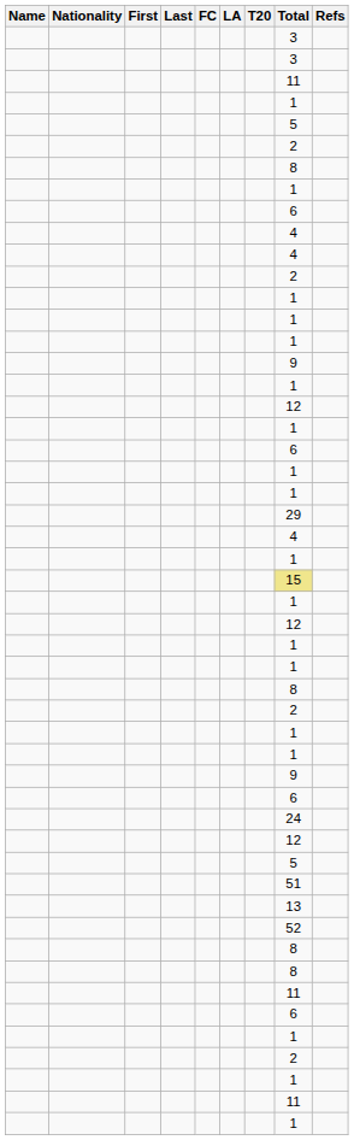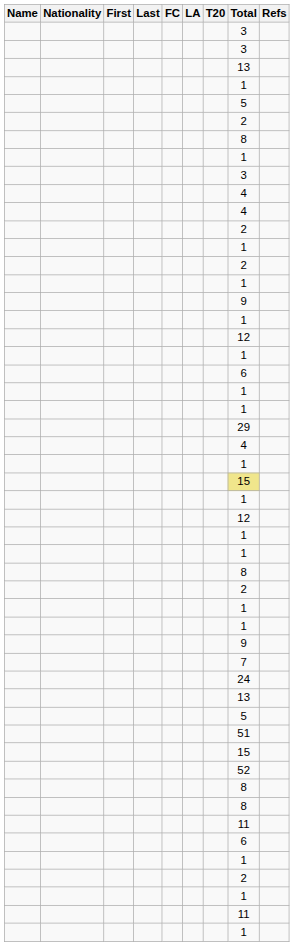 <table class="wikitable sortable" style="text-align: center;">
 <tr>
 <th>Name</th>
 <th>Nationality</th>
 <th>First</th>
 <th>Last</th>
 <th>FC</th>
 <th>LA</th>
 <th>T20</th>
 <th>Total</th>
 <th class="unsortable">Refs</th>
 </tr>
 <tr>
 <td align="left"></td>
 <td></td>
 <td></td>
 <td></td>
 <td></td>
 <td></td>
 <td></td>
 <td>3</td>
 <td></td>
 </tr>
 <tr>
 <td align="left"></td>
 <td></td>
 <td></td>
 <td></td>
 <td></td>
 <td></td>
 <td></td>
 <td>3</td>
 <td></td>
 </tr>
 <tr>
 <td align="left"></td>
 <td></td>
 <td></td>
 <td></td>
 <td></td>
 <td></td>
 <td></td>
-<td>11</td>
+<td>13</td>
 <td></td>
 </tr>
 <tr>
 <td align="left"></td>
 <td></td>
 <td></td>
 <td></td>
 <td></td>
 <td></td>
 <td></td>
 <td>1</td>
 <td></td>
 </tr>
 <tr>
 <td align="left"></td>
 <td></td>
 <td></td>
 <td></td>
 <td></td>
 <td></td>
 <td></td>
 <td>5</td>
 <td></td>
 </tr>
 <tr>
 <td align="left"></td>
 <td></td>
 <td></td>
 <td></td>
 <td></td>
 <td></td>
 <td></td>
 <td>2</td>
 <td></td>
 </tr>
 <tr>
 <td align="left"></td>
 <td></td>
 <td></td>
 <td></td>
 <td></td>
 <td></td>
 <td></td>
 <td>8</td>
 <td></td>
 </tr>
 <tr>
 <td align="left"></td>
 <td></td>
 <td></td>
 <td></td>
 <td></td>
 <td></td>
 <td></td>
 <td>1</td>
 <td></td>
 </tr>
 <tr>
 <td align="left"></td>
 <td></td>
 <td></td>
 <td></td>
 <td></td>
 <td></td>
 <td></td>
-<td>6</td>
+<td>3</td>
 <td></td>
 </tr>
 <tr>
 <td align="left"></td>
 <td></td>
 <td></td>
 <td></td>
 <td></td>
 <td></td>
 <td></td>
 <td>4</td>
 <td></td>
 </tr>
 <tr>
 <td align="left"></td>
 <td></td>
 <td></td>
 <td></td>
 <td></td>
 <td></td>
 <td></td>
 <td>4</td>
 <td></td>
 </tr>
 <tr>
 <td align="left"></td>
 <td></td>
 <td></td>
 <td></td>
 <td></td>
 <td></td>
 <td></td>
 <td>2</td>
 <td></td>
 </tr>
 <tr>
 <td align="left"></td>
 <td></td>
 <td></td>
 <td></td>
 <td></td>
 <td></td>
 <td></td>
 <td>1</td>
 <td></td>
 </tr>
 <tr>
 <td align="left"></td>
 <td></td>
 <td></td>
 <td></td>
 <td></td>
 <td></td>
 <td></td>
-<td>1</td>
+<td>2</td>
 <td></td>
 </tr>
 <tr>
 <td align="left"></td>
 <td></td>
 <td></td>
 <td></td>
 <td></td>
 <td></td>
 <td></td>
 <td>1</td>
 <td></td>
 </tr>
 <tr>
 <td align="left"></td>
 <td></td>
 <td></td>
 <td></td>
 <td></td>
 <td></td>
 <td></td>
 <td>9</td>
 <td></td>
 </tr>
 <tr>
 <td align="left"></td>
 <td></td>
 <td></td>
 <td></td>
 <td></td>
 <td></td>
 <td></td>
 <td>1</td>
 <td></td>
 </tr>
 <tr>
 <td align="left"></td>
 <td></td>
 <td></td>
 <td></td>
 <td></td>
 <td></td>
 <td></td>
 <td>12</td>
 <td></td>
 </tr>
 <tr>
 <td align="left"></td>
 <td></td>
 <td></td>
 <td></td>
 <td></td>
 <td></td>
 <td></td>
 <td>1</td>
 <td></td>
 </tr>
 <tr>
 <td align="left"></td>
 <td></td>
 <td></td>
 <td></td>
 <td></td>
 <td></td>
 <td></td>
 <td>6</td>
 <td></td>
 </tr>
 <tr>
 <td align="left"></td>
 <td></td>
 <td></td>
 <td></td>
 <td></td>
 <td></td>
 <td></td>
 <td>1</td>
 <td></td>
 </tr>
 <tr>
 <td align="left"></td>
 <td></td>
 <td></td>
 <td></td>
 <td></td>
 <td></td>
 <td></td>
 <td>1</td>
 <td></td>
 </tr>
 <tr>
 <td align="left"></td>
 <td></td>
 <td></td>
 <td></td>
 <td></td>
 <td></td>
 <td></td>
 <td>29</td>
 <td></td>
 </tr>
 <tr>
 <td align="left"></td>
 <td></td>
 <td></td>
 <td></td>
 <td></td>
 <td></td>
 <td></td>
 <td>4</td>
 <td></td>
 </tr>
 <tr>
 <td align="left"></td>
 <td></td>
 <td></td>
 <td></td>
 <td></td>
 <td></td>
 <td></td>
 <td>1</td>
 <td></td>
 </tr>
 <tr>
 <td align="left"></td>
 <td></td>
 <td></td>
 <td></td>
 <td></td>
 <td></td>
 <td></td>
 <td style="background: khaki;">15</td>
 <td></td>
 </tr>
 <tr>
 <td align="left"></td>
 <td></td>
 <td></td>
 <td></td>
 <td></td>
 <td></td>
 <td></td>
 <td>1</td>
 <td></td>
 </tr>
 <tr>
 <td align="left"></td>
 <td></td>
 <td></td>
 <td></td>
 <td></td>
 <td></td>
 <td></td>
 <td>12</td>
 <td></td>
 </tr>
 <tr>
 <td align="left"></td>
 <td></td>
 <td></td>
 <td></td>
 <td></td>
 <td></td>
 <td></td>
 <td>1</td>
 <td></td>
 </tr>
 <tr>
 <td align="left"></td>
 <td></td>
 <td></td>
 <td></td>
 <td></td>
 <td></td>
 <td></td>
 <td>1</td>
 <td></td>
 </tr>
 <tr>
 <td align="left"></td>
 <td></td>
 <td></td>
 <td></td>
 <td></td>
 <td></td>
 <td></td>
 <td>8</td>
 <td></td>
 </tr>
 <tr>
 <td align="left"></td>
 <td></td>
 <td></td>
 <td></td>
 <td></td>
 <td></td>
 <td></td>
 <td>2</td>
 <td></td>
 </tr>
 <tr>
 <td align="left"></td>
 <td></td>
 <td></td>
 <td></td>
 <td></td>
 <td></td>
 <td></td>
 <td>1</td>
 <td></td>
 </tr>
 <tr>
 <td align="left"></td>
 <td></td>
 <td></td>
 <td></td>
 <td></td>
 <td></td>
 <td></td>
 <td>1</td>
 <td></td>
 </tr>
 <tr>
 <td align="left"></td>
 <td></td>
 <td></td>
 <td></td>
 <td></td>
 <td></td>
 <td></td>
 <td>9</td>
 <td></td>
 </tr>
 <tr>
 <td align="left"></td>
 <td></td>
 <td></td>
 <td></td>
 <td></td>
 <td></td>
 <td></td>
-<td>6</td>
+<td>7</td>
 <td></td>
 </tr>
 <tr>
 <td align="left"></td>
 <td></td>
 <td></td>
 <td></td>
 <td></td>
 <td></td>
 <td></td>
 <td>24</td>
 <td></td>
 </tr>
 <tr>
 <td align="left"></td>
 <td></td>
 <td></td>
 <td></td>
 <td></td>
 <td></td>
 <td></td>
-<td>12</td>
+<td>13</td>
 <td></td>
 </tr>
 <tr>
 <td align="left"></td>
 <td></td>
 <td></td>
 <td></td>
 <td></td>
 <td></td>
 <td></td>
 <td>5</td>
 <td></td>
 </tr>
 <tr>
 <td align="left"></td>
 <td></td>
 <td></td>
 <td></td>
 <td></td>
 <td></td>
 <td></td>
 <td>51</td>
 <td></td>
 </tr>
 <tr>
 <td align="left"></td>
 <td></td>
 <td></td>
 <td></td>
 <td></td>
 <td></td>
 <td></td>
-<td>13</td>
+<td>15</td>
 <td></td>
 </tr>
 <tr>
 <td align="left"></td>
 <td></td>
 <td></td>
 <td></td>
 <td></td>
 <td></td>
 <td></td>
 <td>52</td>
 <td></td>
 </tr>
 <tr>
 <td align="left"></td>
 <td></td>
 <td></td>
 <td></td>
 <td></td>
 <td></td>
 <td></td>
 <td>8</td>
 <td></td>
 </tr>
 <tr>
 <td align="left"></td>
 <td></td>
 <td></td>
 <td></td>
 <td></td>
 <td></td>
 <td></td>
 <td>8</td>
 <td></td>
 </tr>
 <tr>
 <td align="left"></td>
 <td></td>
 <td></td>
 <td></td>
 <td></td>
 <td></td>
 <td></td>
 <td>11</td>
 <td></td>
 </tr>
 <tr>
 <td align="left"></td>
 <td></td>
 <td></td>
 <td></td>
 <td></td>
 <td></td>
 <td></td>
 <td>6</td>
 <td></td>
 </tr>
 <tr>
 <td align="left"></td>
 <td></td>
 <td></td>
 <td></td>
 <td></td>
 <td></td>
 <td></td>
 <td>1</td>
 <td></td>
 </tr>
 <tr>
 <td align="left"></td>
 <td></td>
 <td></td>
 <td></td>
 <td></td>
 <td></td>
 <td></td>
 <td>2</td>
 <td></td>
 </tr>
 <tr>
 <td align="left"></td>
 <td></td>
 <td></td>
 <td></td>
 <td></td>
 <td></td>
 <td></td>
 <td>1</td>
 <td></td>
 </tr>
 <tr>
 <td align="left"></td>
 <td></td>
 <td></td>
 <td></td>
 <td></td>
 <td></td>
 <td></td>
 <td>11</td>
 <td></td>
 </tr>
 <tr>
 <td align="left"></td>
 <td></td>
 <td></td>
 <td></td>
 <td></td>
 <td></td>
 <td></td>
 <td>1</td>
 <td></td>
 </tr>
 </table>
